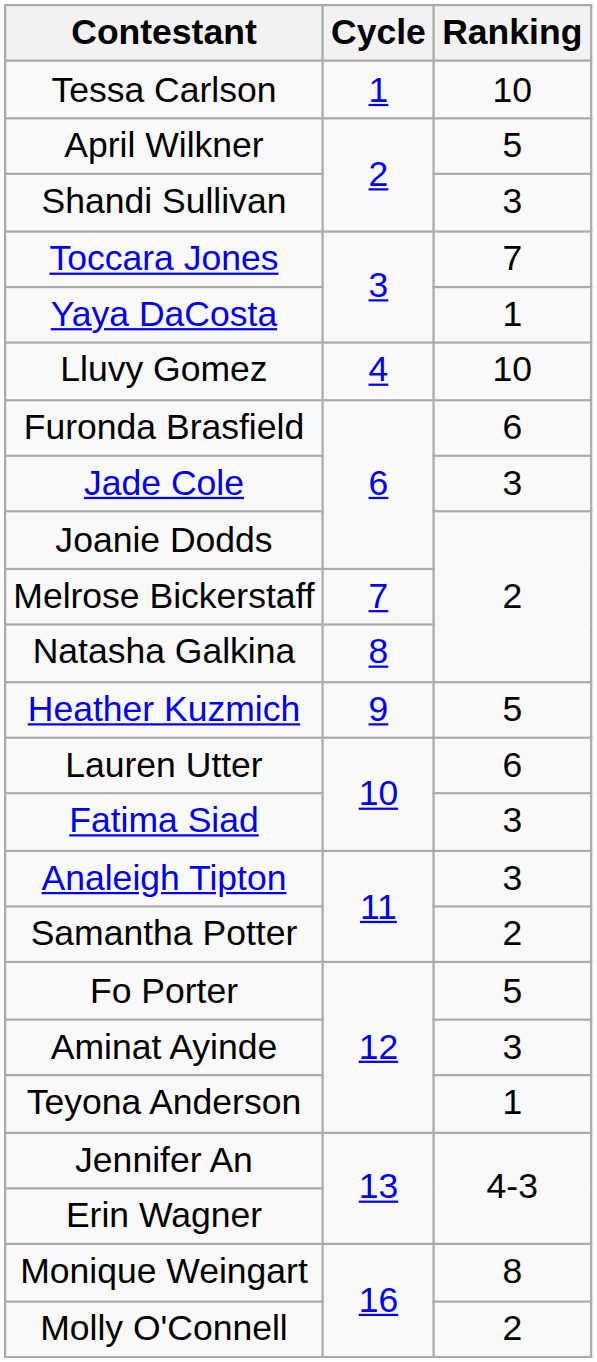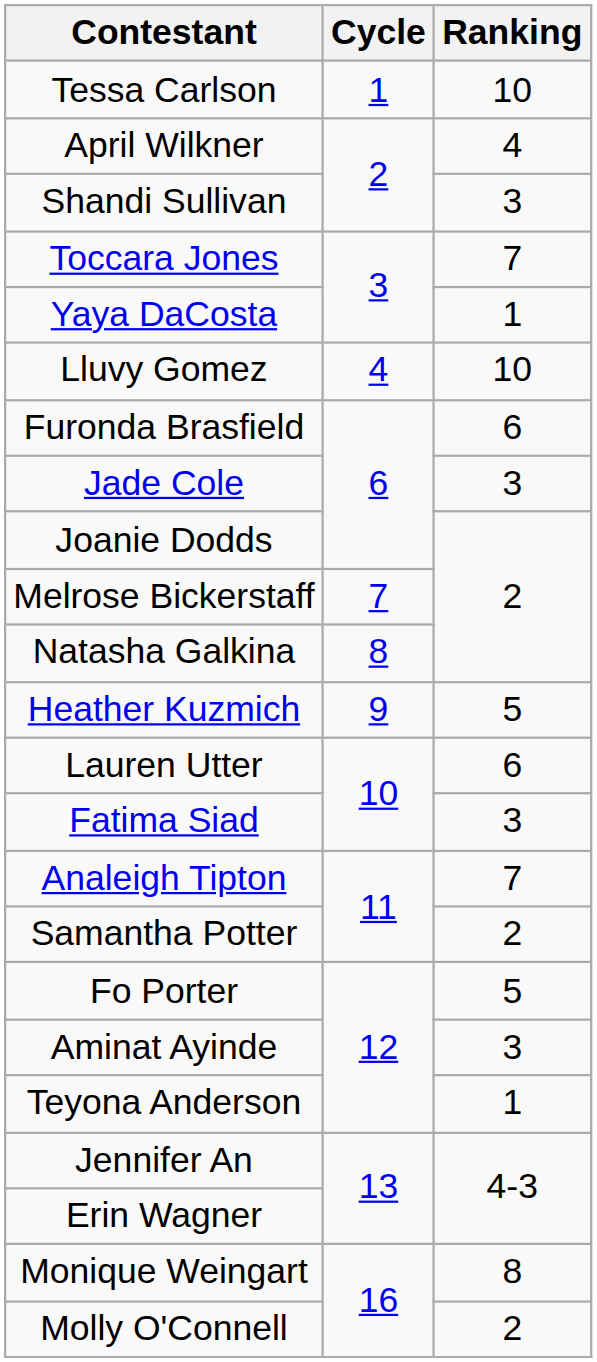 <table class="wikitable sortable" style="text-align:center;">
 <tr>
 <th>Contestant</th>
 <th>Cycle</th>
 <th>Ranking</th>
 </tr>
 <tr>
 <td>Tessa Carlson</td>
 <td><a href='#'>1</a></td>
 <td>10</td>
 </tr>
 <tr>
 <td>April Wilkner</td>
 <td rowspan="2"><a href='#'>2</a></td>
-<td>5</td>
+<td>4</td>
 </tr>
 <tr>
 <td>Shandi Sullivan</td>
 <td>3</td>
 </tr>
 <tr>
 <td><a href='#'>Toccara Jones</a></td>
 <td rowspan="2"><a href='#'>3</a></td>
 <td>7</td>
 </tr>
 <tr>
 <td><a href='#'>Yaya DaCosta</a></td>
 <td>1</td>
 </tr>
 <tr>
 <td>Lluvy Gomez</td>
 <td><a href='#'>4</a></td>
 <td>10</td>
 </tr>
 <tr>
 <td>Furonda Brasfield</td>
 <td rowspan="3"><a href='#'>6</a></td>
 <td>6</td>
 </tr>
 <tr>
 <td><a href='#'>Jade Cole</a></td>
 <td>3</td>
 </tr>
 <tr>
 <td>Joanie Dodds</td>
 <td rowspan="3">2</td>
 </tr>
 <tr>
 <td>Melrose Bickerstaff</td>
 <td><a href='#'>7</a></td>
 </tr>
 <tr>
 <td>Natasha Galkina</td>
 <td><a href='#'>8</a></td>
 </tr>
 <tr>
 <td><a href='#'>Heather Kuzmich</a></td>
 <td><a href='#'>9</a></td>
 <td>5</td>
 </tr>
 <tr>
 <td>Lauren Utter</td>
 <td rowspan="2"><a href='#'>10</a></td>
 <td>6</td>
 </tr>
 <tr Marvita Washington cycle 10 10th place>
 <td><a href='#'>Fatima Siad</a></td>
 <td>3</td>
 </tr>
 <tr>
 <td><a href='#'>Analeigh Tipton</a></td>
 <td rowspan="2"><a href='#'>11</a></td>
-<td>3</td>
+<td>7</td>
 </tr>
 <tr>
 <td>Samantha Potter</td>
 <td>2</td>
 </tr>
 <tr>
 <td>Fo Porter</td>
 <td rowspan="3"><a href='#'>12</a></td>
 <td>5</td>
 </tr>
 <tr>
 <td>Aminat Ayinde</td>
 <td>3</td>
 </tr>
 <tr>
 <td>Teyona Anderson</td>
 <td>1</td>
 </tr>
 <tr>
 <td>Jennifer An</td>
 <td rowspan="2"><a href='#'>13</a></td>
 <td rowspan="2">4-3</td>
 </tr>
 <tr>
 <td>Erin Wagner</td>
 </tr>
 <tr>
 <td>Monique Weingart</td>
 <td rowspan="2"><a href='#'>16</a></td>
 <td>8</td>
 </tr>
 <tr>
 <td>Molly O'Connell</td>
 <td>2</td>
 </tr>
 </table>
